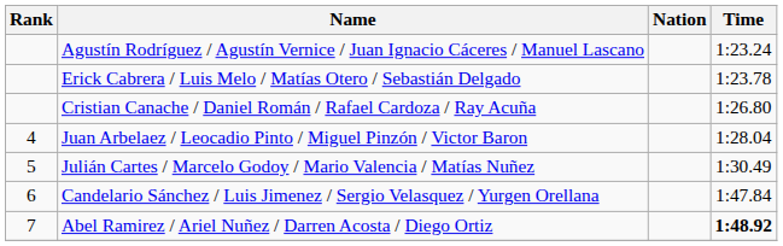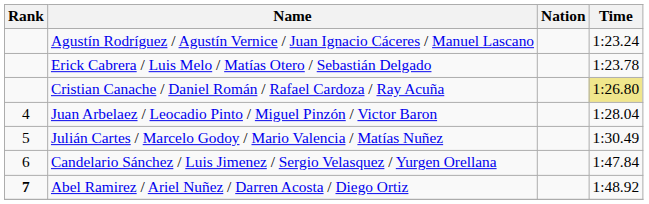 <table class="wikitable sortable" style="text-align:center">
 <tr>
 <th>Rank</th>
 <th>Name</th>
 <th>Nation</th>
 <th>Time</th>
 </tr>
 <tr>
 <td></td>
 <td align=left><a href='#'>Agustín Rodríguez</a> / <a href='#'>Agustín Vernice</a> / <a href='#'>Juan Ignacio Cáceres</a> / <a href='#'>Manuel Lascano</a></td>
 <td align=left></td>
 <td>1:23.24</td>
 </tr>
 <tr>
 <td></td>
 <td align=left><a href='#'>Erick Cabrera</a> / <a href='#'>Luis Melo</a> / <a href='#'>Matías Otero</a> / <a href='#'>Sebastián Delgado</a></td>
 <td align=left></td>
 <td>1:23.78</td>
 </tr>
 <tr>
 <td></td>
 <td align=left><a href='#'>Cristian Canache</a> / <a href='#'>Daniel Román</a> / <a href='#'>Rafael Cardoza</a> / <a href='#'>Ray Acuña</a></td>
 <td align=left></td>
-<td>1:26.80</td>
+<td style="background: khaki;">1:26.80</td>
 </tr>
 <tr>
 <td>4</td>
 <td align=left><a href='#'>Juan Arbelaez</a> / <a href='#'>Leocadio Pinto</a> / <a href='#'>Miguel Pinzón</a> / <a href='#'>Victor Baron</a></td>
 <td align=left></td>
 <td>1:28.04</td>
 </tr>
 <tr>
 <td>5</td>
 <td align=left><a href='#'>Julián Cartes</a> / <a href='#'>Marcelo Godoy</a> / <a href='#'>Mario Valencia</a> / <a href='#'>Matías Nuñez</a></td>
 <td align=left></td>
 <td>1:30.49</td>
 </tr>
 <tr>
 <td>6</td>
 <td align=left><a href='#'>Candelario Sánchez</a> / <a href='#'>Luis Jimenez</a> / <a href='#'>Sergio Velasquez</a> / <a href='#'>Yurgen Orellana</a></td>
 <td align=left></td>
 <td>1:47.84</td>
 </tr>
 <tr>
-<td>7</td>
+<td><strong>7</strong></td>
 <td align=left><a href='#'>Abel Ramirez</a> / <a href='#'>Ariel Nuñez</a> / <a href='#'>Darren Acosta</a> / <a href='#'>Diego Ortiz</a></td>
 <td align=left></td>
-<td><strong>1:48.92</strong></td>
+<td>1:48.92</td>
 </tr>
 <tr>
 </tr>
 </table>
